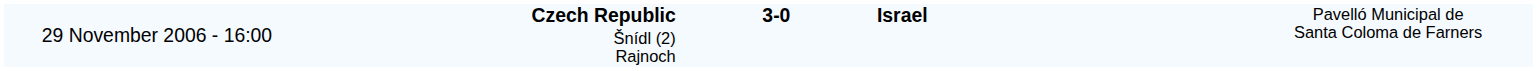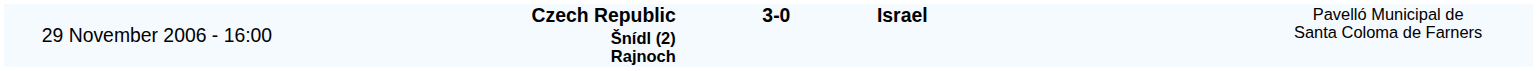 <table style="width: 100%; background:#F5FAFF;" cellspacing="0">
 <tr>
 <td align=center rowspan=3 width=20%>29 November 2006 - 16:00</td>
 </tr>
 <tr>
 <td width=24% align=right><strong>Czech Republic</strong> </td>
 <td align=center width=13%><strong>3-0</strong></td>
 <td width=24%> <strong>Israel</strong></td>
 <td style=font-size:85% rowspan=3 valign=top align=center>Pavelló Municipal de <br>Santa Coloma de Farners</td>
 </tr>
 <tr style=font-size:85%>
-<td align=right valign=top>Šnídl (2)<br>Rajnoch</td>
+<td align=right valign=top><strong>Šnídl (2)<br>Rajnoch</strong></td>
 <td></td>
 <td></td>
 </tr>
 </table>
